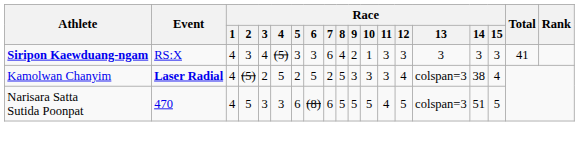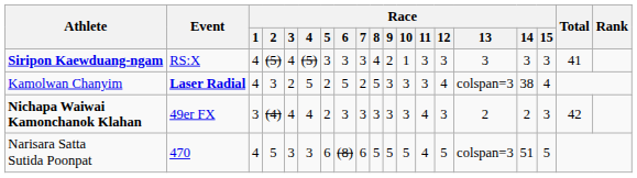 <table class=wikitable style=font-size:90%;text-align:center>
 <tr>
 <th rowspan="2">Athlete</th>
 <th rowspan="2">Event</th>
 <th colspan=15>Race</th>
 <th rowspan=2>Total</th>
 <th rowspan=2>Rank</th>
 </tr>
 <tr style="font-size:95%">
 <th>1</th>
 <th>2</th>
 <th>3</th>
 <th>4</th>
 <th>5</th>
 <th>6</th>
 <th>7</th>
 <th>8</th>
 <th>9</th>
 <th>10</th>
 <th>11</th>
 <th>12</th>
 <th>13</th>
 <th>14</th>
 <th>15</th>
 </tr>
 <tr>
 <td align=left><strong><a href='#'>Siripon Kaewduang-ngam</a></strong></td>
 <td align=left><a href='#'>RS:X</a></td>
 <td>4</td>
-<td>3</td>
+<td><s>(5)</s></td>
 <td>4</td>
 <td><s>(5)</s></td>
 <td>3</td>
 <td>3</td>
-<td>6</td>
+<td>3</td>
 <td>4</td>
 <td>2</td>
 <td>1</td>
 <td>3</td>
 <td>3</td>
 <td>3</td>
 <td>3</td>
 <td>3</td>
 <td>41</td>
 <td></td>
 </tr>
 <tr>
 <td align=left><a href='#'>Kamolwan Chanyim</a></td>
 <td align=left><strong><a href='#'>Laser Radial</a></strong></td>
 <td>4</td>
-<td><s>(5)</s></td>
+<td>3</td>
 <td>2</td>
 <td>5</td>
 <td>2</td>
 <td>5</td>
 <td>2</td>
 <td>5</td>
 <td>3</td>
 <td>3</td>
 <td>3</td>
 <td>4</td>
 <td>colspan=3 </td>
 <td>38</td>
 <td>4</td>
+</tr>
+<tr>
+<td align=left><strong>Nichapa Waiwai<br>Kamonchanok Klahan</strong></td>
+<td align=left><a href='#'>49er FX</a></td>
+<td>3</td>
+<td><s>(4)</s></td>
+<td>4</td>
+<td>4</td>
+<td>2</td>
+<td>3</td>
+<td>3</td>
+<td>3</td>
+<td>3</td>
+<td>3</td>
+<td>4</td>
+<td>3</td>
+<td>2</td>
+<td>2</td>
+<td>3</td>
+<td>42</td>
+<td></td>
 </tr>
 <tr>
 <td align=left>Narisara Satta<br>Sutida Poonpat</td>
 <td align=left><a href='#'>470</a></td>
 <td>4</td>
 <td>5</td>
 <td>3</td>
 <td>3</td>
 <td>6</td>
 <td><s>(8)</s><br></td>
 <td>6</td>
 <td>5</td>
 <td>5</td>
 <td>5</td>
 <td>4</td>
 <td>5</td>
 <td>colspan=3 </td>
 <td>51</td>
 <td>5</td>
 </tr>
 </table>
